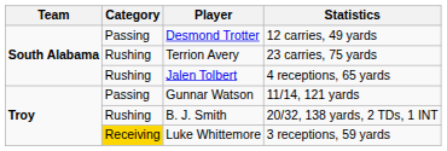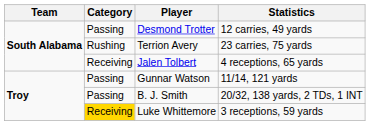 <table class="wikitable" style="float: left;">
 <tr>
 <th>Team</th>
 <th>Category</th>
 <th>Player</th>
 <th>Statistics</th>
 </tr>
 <tr>
 <td rowspan=3><strong>South Alabama</strong></td>
 <td>Passing</td>
 <td><a href='#'>Desmond Trotter</a></td>
 <td>12 carries, 49 yards</td>
 </tr>
 <tr>
 <td>Rushing</td>
 <td>Terrion Avery</td>
 <td>23 carries, 75 yards</td>
 </tr>
 <tr>
-<td>Rushing</td>
+<td>Receiving</td>
 <td><a href='#'>Jalen Tolbert</a></td>
 <td>4 receptions, 65 yards</td>
 </tr>
 <tr>
 <td rowspan=3><strong>Troy</strong></td>
 <td>Passing</td>
 <td>Gunnar Watson</td>
 <td>11/14, 121 yards</td>
 </tr>
 <tr>
-<td>Rushing</td>
+<td>Passing</td>
 <td>B. J. Smith</td>
 <td>20/32, 138 yards, 2 TDs, 1 INT</td>
 </tr>
 <tr>
 <td style="background: gold;">Receiving</td>
 <td>Luke Whittemore</td>
 <td>3 receptions, 59 yards</td>
 </tr>
 </table>
